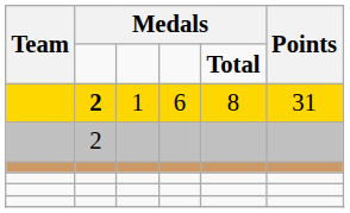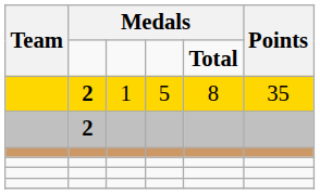 <table class="wikitable" style="text-align:center;">
 <tr>
 <th rowspan=2>Team</th>
 <th colspan=4>Medals</th>
 <th rowspan=2>Points</th>
 </tr>
 <tr>
 <td width=20px></td>
 <td width=20px></td>
 <td width=20px></td>
 <td><strong>Total</strong></td>
 </tr>
 <tr bgcolor=gold>
 <td align=left></td>
 <td><strong>2</strong></td>
 <td>1</td>
-<td>6</td>
+<td>5</td>
 <td>8</td>
-<td>31</td>
+<td>35</td>
 </tr>
 <tr bgcolor=silver>
 <td align=left></td>
-<td>2</td>
+<td><strong>2</strong></td>
 <td></td>
 <td></td>
 <td></td>
 <td></td>
 </tr>
 <tr bgcolor="CC9966">
 <td align=left></td>
 <td></td>
 <td></td>
 <td></td>
 <td></td>
 <td></td>
 </tr>
 <tr>
 <td align=left></td>
 <td></td>
 <td></td>
 <td></td>
 <td></td>
 <td></td>
 </tr>
 <tr>
 <td align=left></td>
 <td></td>
 <td></td>
 <td></td>
 <td></td>
 <td></td>
 </tr>
 <tr>
 <td align=left></td>
 <td></td>
 <td></td>
 <td></td>
 <td></td>
 <td></td>
 </tr>
 <tr>
 </tr>
 <tr>
 </tr>
 </table>
